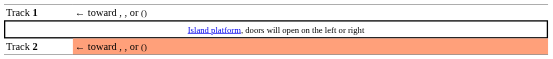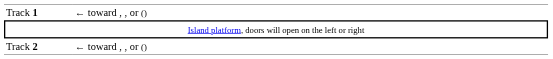 <table border=0 cellspacing=0 cellpadding=3>
 <tr>
 <td style="border-top:solid 1px gray;" width=100>Track <strong>1</strong></td>
 <td style="border-top:solid 1px gray;" width=725>←  toward , , or  <small>()</small></td>
 </tr>
 <tr>
 <td style="border-top:solid 2px black;border-right:solid 2px black;border-left:solid 2px black;border-bottom:solid 2px black;text-align:center;" colspan=2><small><a href='#'>Island platform</a>, doors will open on the left or right </small></td>
 </tr>
 <tr>
 <td style="border-bottom:solid 1px gray;">Track <strong>2</strong></td>
-<td style="background: lightsalmon; border-bottom:solid 1px gray;">←  toward , , or  <small>()</small></td>
+<td style="border-bottom:solid 1px gray;">←  toward , , or  <small>()</small></td>
 </tr>
 </table>
